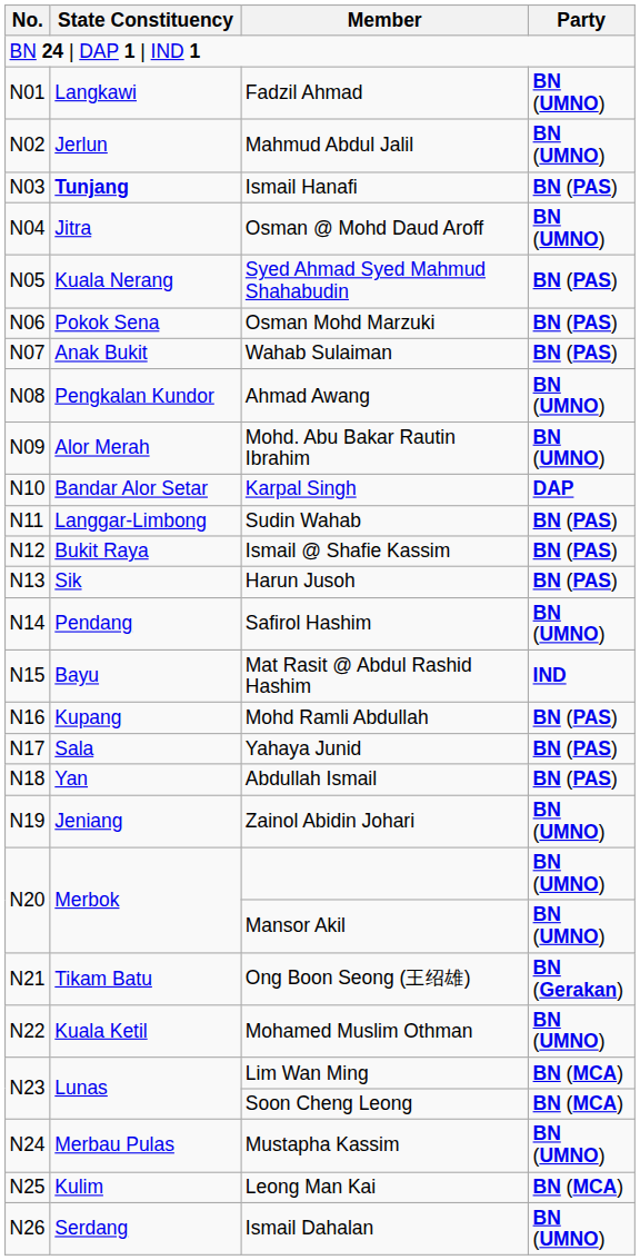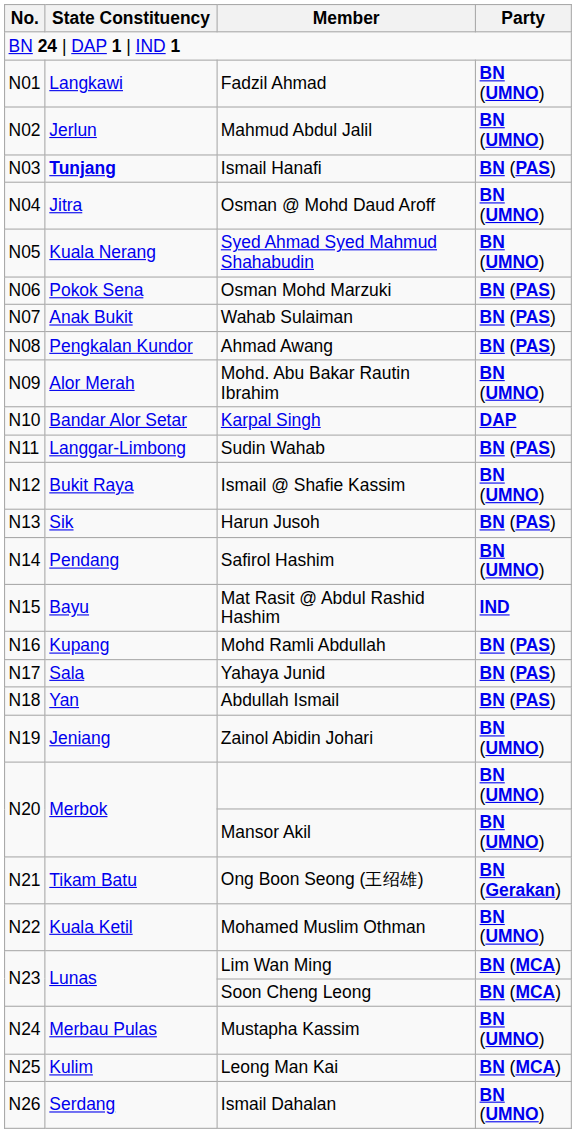 <table class="wikitable sortable">
 <tr>
 <th style="width:30px;">No.</th>
 <th style="width:150px;">State Constituency</th>
 <th style="width:230px;">Member</th>
 <th style="width:80px;">Party</th>
 </tr>
 <tr>
 <td colspan="4"><a href='#'>BN</a> <strong>24</strong> | <a href='#'>DAP</a> <strong>1</strong> | <a href='#'>IND</a> <strong>1</strong></td>
 </tr>
 <tr>
 <td>N01</td>
 <td><a href='#'>Langkawi</a></td>
 <td>Fadzil Ahmad</td>
 <td><strong><a href='#'>BN</a></strong> (<strong><a href='#'>UMNO</a></strong>)</td>
 </tr>
 <tr>
 <td>N02</td>
 <td><a href='#'>Jerlun</a></td>
 <td>Mahmud Abdul Jalil</td>
 <td><strong><a href='#'>BN</a></strong> (<strong><a href='#'>UMNO</a></strong>)</td>
 </tr>
 <tr>
 <td>N03</td>
 <td><strong><a href='#'>Tunjang</a></strong></td>
 <td>Ismail Hanafi</td>
 <td><strong><a href='#'>BN</a></strong> (<strong><a href='#'>PAS</a></strong>)</td>
 </tr>
 <tr>
 <td>N04</td>
 <td><a href='#'>Jitra</a></td>
 <td>Osman @ Mohd Daud Aroff</td>
 <td><strong><a href='#'>BN</a></strong> (<strong><a href='#'>UMNO</a></strong>)</td>
 </tr>
 <tr>
 <td>N05</td>
 <td><a href='#'>Kuala Nerang</a></td>
 <td><a href='#'>Syed Ahmad Syed Mahmud Shahabudin</a></td>
-<td><strong><a href='#'>BN</a></strong> (<strong><a href='#'>PAS</a></strong>)</td>
+<td><strong><a href='#'>BN</a></strong> (<strong><a href='#'>UMNO</a></strong>)</td>
 </tr>
 <tr>
 <td>N06</td>
 <td><a href='#'>Pokok Sena</a></td>
 <td>Osman Mohd Marzuki</td>
 <td><strong><a href='#'>BN</a></strong> (<strong><a href='#'>PAS</a></strong>)</td>
 </tr>
 <tr>
 <td>N07</td>
 <td><a href='#'>Anak Bukit</a></td>
 <td>Wahab Sulaiman</td>
 <td><strong><a href='#'>BN</a></strong> (<strong><a href='#'>PAS</a></strong>)</td>
 </tr>
 <tr>
 <td>N08</td>
 <td><a href='#'>Pengkalan Kundor</a></td>
 <td>Ahmad Awang</td>
-<td><strong><a href='#'>BN</a></strong> (<strong><a href='#'>UMNO</a></strong>)</td>
+<td><strong><a href='#'>BN</a></strong> (<strong><a href='#'>PAS</a></strong>)</td>
 </tr>
 <tr>
 <td>N09</td>
 <td><a href='#'>Alor Merah</a></td>
 <td>Mohd. Abu Bakar Rautin Ibrahim</td>
 <td><strong><a href='#'>BN</a></strong> (<strong><a href='#'>UMNO</a></strong>)</td>
 </tr>
 <tr>
 <td>N10</td>
 <td><a href='#'>Bandar Alor Setar</a></td>
 <td><a href='#'>Karpal Singh</a></td>
 <td><strong><a href='#'>DAP</a></strong></td>
 </tr>
 <tr>
 <td>N11</td>
 <td><a href='#'>Langgar-Limbong</a></td>
 <td>Sudin Wahab</td>
 <td><strong><a href='#'>BN</a></strong> (<strong><a href='#'>PAS</a></strong>)</td>
 </tr>
 <tr>
 <td>N12</td>
 <td><a href='#'>Bukit Raya</a></td>
 <td>Ismail @ Shafie Kassim</td>
-<td><strong><a href='#'>BN</a></strong> (<strong><a href='#'>PAS</a></strong>)</td>
+<td><strong><a href='#'>BN</a></strong> (<strong><a href='#'>UMNO</a></strong>)</td>
 </tr>
 <tr>
 <td>N13</td>
 <td><a href='#'>Sik</a></td>
 <td>Harun Jusoh</td>
 <td><strong><a href='#'>BN</a></strong> (<strong><a href='#'>PAS</a></strong>)</td>
 </tr>
 <tr>
 <td>N14</td>
 <td><a href='#'>Pendang</a></td>
 <td>Safirol Hashim</td>
 <td><strong><a href='#'>BN</a></strong> (<strong><a href='#'>UMNO</a></strong>)</td>
 </tr>
 <tr>
 <td>N15</td>
 <td><a href='#'>Bayu</a></td>
 <td>Mat Rasit @ Abdul Rashid Hashim</td>
 <td><strong><a href='#'>IND</a></strong></td>
 </tr>
 <tr>
 <td>N16</td>
 <td><a href='#'>Kupang</a></td>
 <td>Mohd Ramli Abdullah</td>
 <td><strong><a href='#'>BN</a></strong> (<strong><a href='#'>PAS</a></strong>)</td>
 </tr>
 <tr>
 <td>N17</td>
 <td><a href='#'>Sala</a></td>
 <td>Yahaya Junid</td>
 <td><strong><a href='#'>BN</a></strong> (<strong><a href='#'>PAS</a></strong>)</td>
 </tr>
 <tr>
 <td>N18</td>
 <td><a href='#'>Yan</a></td>
 <td>Abdullah Ismail</td>
 <td><strong><a href='#'>BN</a></strong> (<strong><a href='#'>PAS</a></strong>)</td>
 </tr>
 <tr>
 <td>N19</td>
 <td><a href='#'>Jeniang</a></td>
 <td>Zainol Abidin Johari</td>
 <td><strong><a href='#'>BN</a></strong> (<strong><a href='#'>UMNO</a></strong>)</td>
 </tr>
 <tr>
 <td rowspan=2>N20</td>
 <td rowspan=2><a href='#'>Merbok</a></td>
 <td></td>
 <td><strong><a href='#'>BN</a></strong> (<strong><a href='#'>UMNO</a></strong>)</td>
 </tr>
 <tr>
 <td>Mansor Akil </td>
 <td><strong><a href='#'>BN</a></strong> (<strong><a href='#'>UMNO</a></strong>)</td>
 </tr>
 <tr>
 <td>N21</td>
 <td><a href='#'>Tikam Batu</a></td>
 <td>Ong Boon Seong (王绍雄)</td>
 <td><strong><a href='#'>BN</a></strong> (<strong><a href='#'>Gerakan</a></strong>)</td>
 </tr>
 <tr>
 <td>N22</td>
 <td><a href='#'>Kuala Ketil</a></td>
 <td>Mohamed Muslim Othman</td>
 <td><strong><a href='#'>BN</a></strong> (<strong><a href='#'>UMNO</a></strong>)</td>
 </tr>
 <tr>
 <td rowspan=2>N23</td>
 <td rowspan=2><a href='#'>Lunas</a></td>
 <td>Lim Wan Ming </td>
 <td><strong><a href='#'>BN</a></strong> (<strong><a href='#'>MCA</a></strong>)</td>
 </tr>
 <tr>
 <td>Soon Cheng Leong </td>
 <td><strong><a href='#'>BN</a></strong> (<strong><a href='#'>MCA</a></strong>)</td>
 </tr>
 <tr>
 <td>N24</td>
 <td><a href='#'>Merbau Pulas</a></td>
 <td>Mustapha Kassim</td>
 <td><strong><a href='#'>BN</a></strong> (<strong><a href='#'>UMNO</a></strong>)</td>
 </tr>
 <tr>
 <td>N25</td>
 <td><a href='#'>Kulim</a></td>
 <td>Leong Man Kai</td>
 <td><strong><a href='#'>BN</a></strong> (<strong><a href='#'>MCA</a></strong>)</td>
 </tr>
 <tr>
 <td>N26</td>
 <td><a href='#'>Serdang</a></td>
 <td>Ismail Dahalan</td>
 <td><strong><a href='#'>BN</a></strong> (<strong><a href='#'>UMNO</a></strong>)</td>
 </tr>
 </table>
